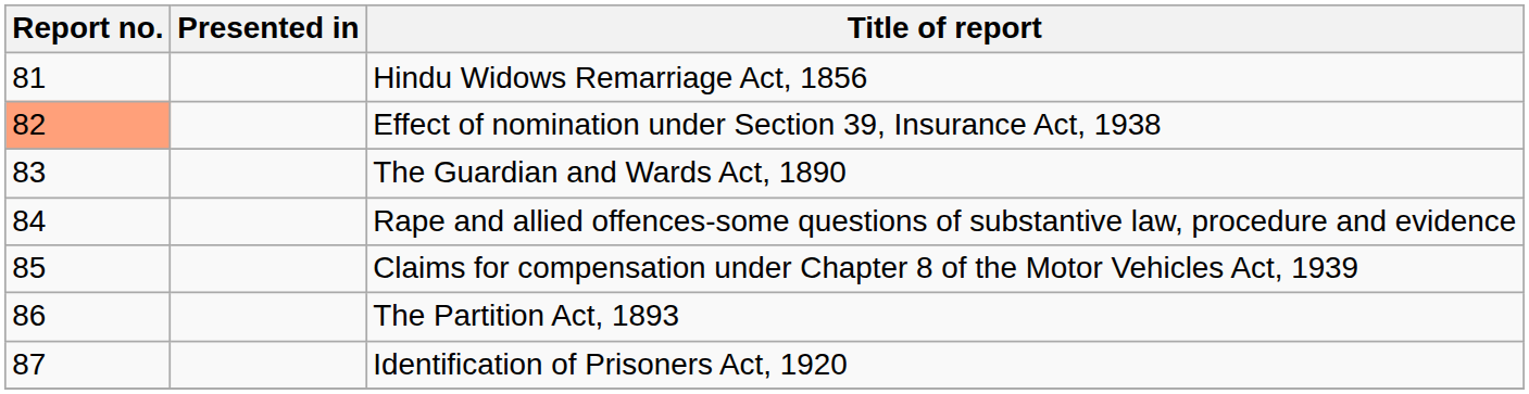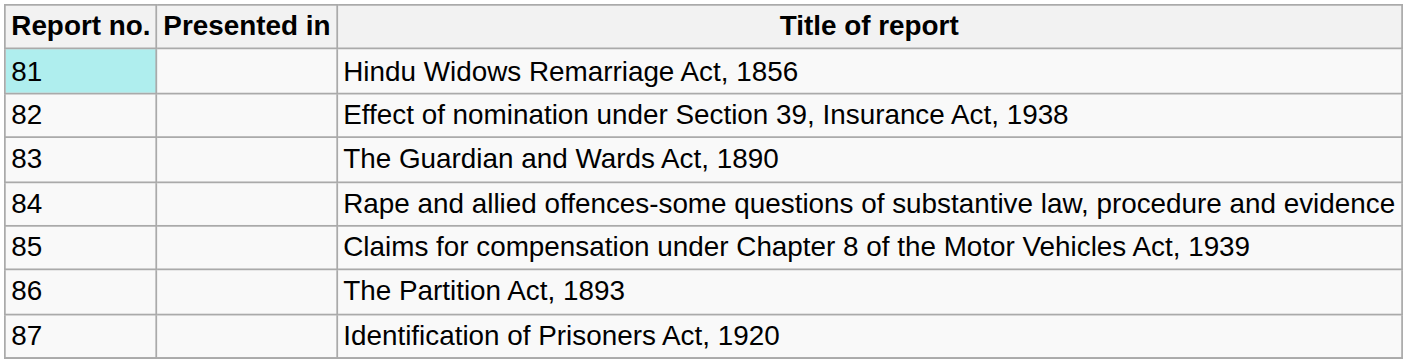 <table class="wikitable">
 <tr>
 <th>Report no.</th>
 <th>Presented in</th>
 <th>Title of report</th>
 </tr>
 <tr>
-<td>81</td>
+<td style="background: paleturquoise;">81</td>
 <td></td>
 <td>Hindu Widows Remarriage Act, 1856</td>
 </tr>
 <tr>
-<td style="background: lightsalmon;">82</td>
+<td>82</td>
 <td></td>
 <td>Effect of nomination under Section 39, Insurance Act, 1938</td>
 </tr>
 <tr>
 <td>83</td>
 <td></td>
 <td>The Guardian and Wards Act, 1890</td>
 </tr>
 <tr>
 <td>84</td>
 <td></td>
 <td>Rape and allied offences-some questions of substantive law, procedure and evidence</td>
 </tr>
 <tr>
 <td>85</td>
 <td></td>
 <td>Claims for compensation under Chapter 8 of the Motor Vehicles Act, 1939</td>
 </tr>
 <tr>
 <td>86</td>
 <td></td>
 <td>The Partition Act, 1893</td>
 </tr>
 <tr>
 <td>87</td>
 <td></td>
 <td>Identification of Prisoners Act, 1920</td>
 </tr>
 <tr>
 </tr>
 </table>
